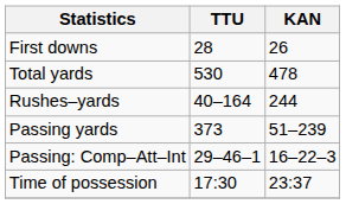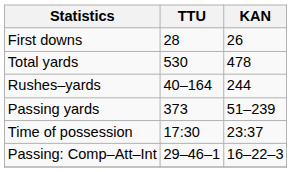 <table class="wikitable" style="float: left;">
 <tr>
 <th>Statistics</th>
 <th>TTU</th>
 <th>KAN</th>
 </tr>
 <tr>
 <td>First downs</td>
 <td>28</td>
 <td>26</td>
 </tr>
 <tr>
 <td>Total yards</td>
 <td>530</td>
 <td>478</td>
 </tr>
 <tr>
 <td>Rushes–yards</td>
 <td>40–164</td>
 <td>244</td>
 </tr>
 <tr>
 <td>Passing yards</td>
 <td>373</td>
 <td>51–239</td>
 </tr>
 <tr>
+<td>Time of possession</td>
+<td>17:30</td>
+<td>23:37</td>
+</tr>
+<tr>
 <td>Passing: Comp–Att–Int</td>
 <td>29–46–1</td>
 <td>16–22–3</td>
 </tr>
 <tr>
-<td>Time of possession</td>
-<td>17:30</td>
-<td>23:37</td>
-</tr>
-<tr>
 </tr>
 </table>
